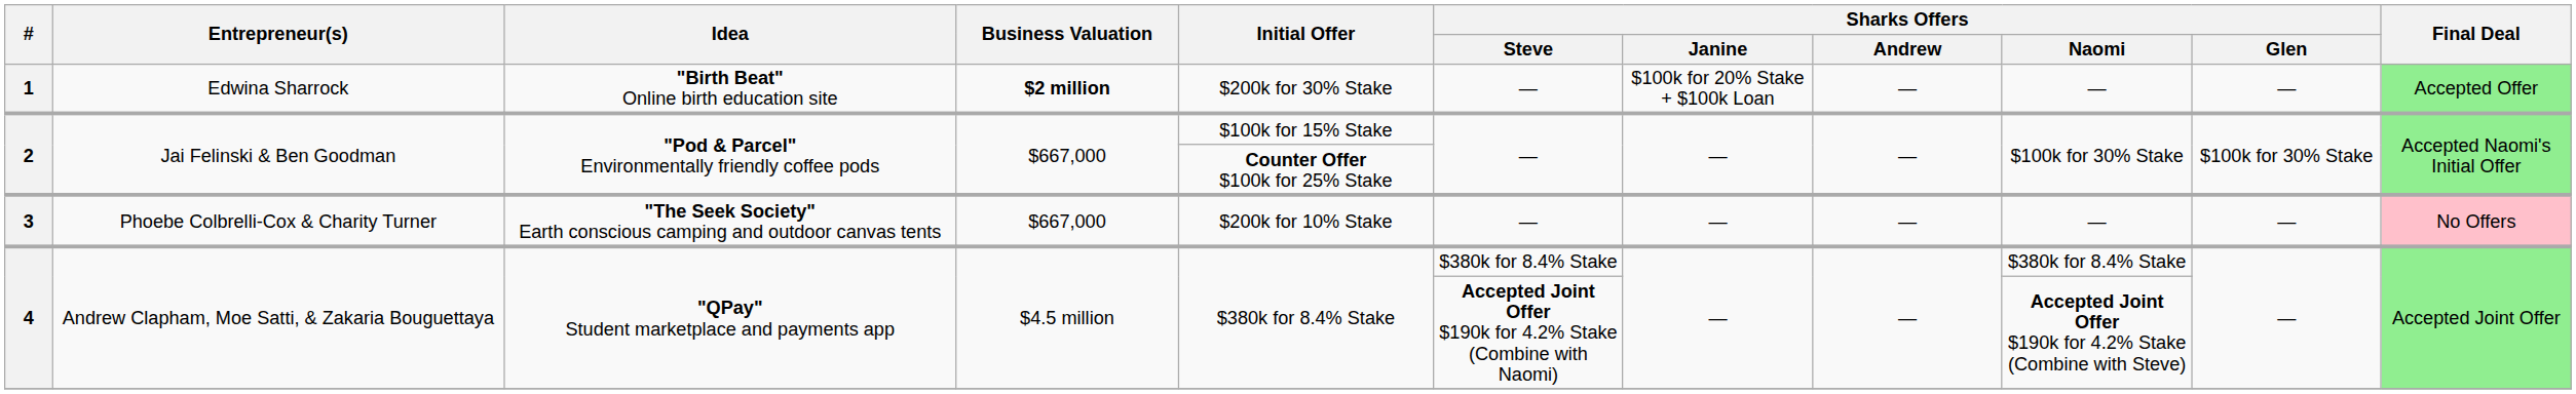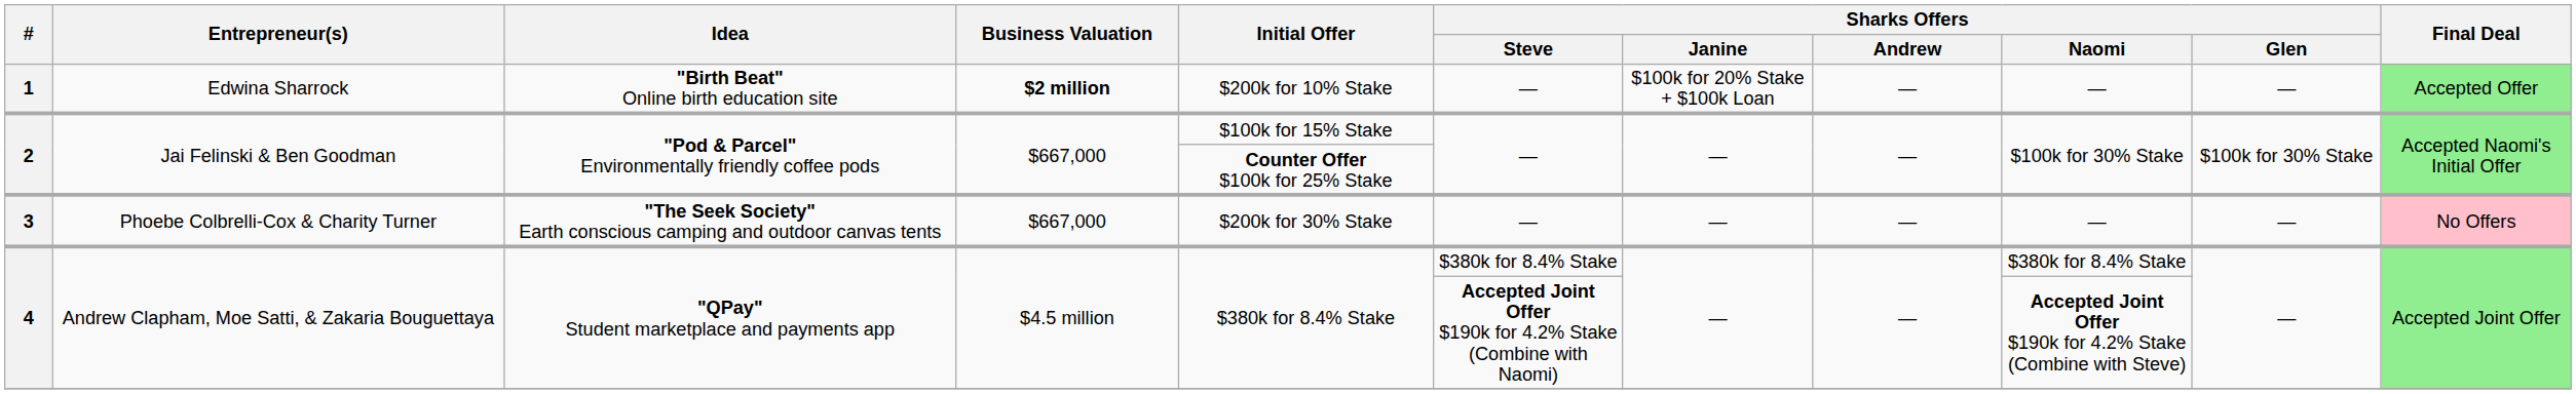 <table class="wikitable plainrowheaders" style="font-size:90%; text-align:center; width: 100%; margin-left: auto; margin-right: auto;">
 <tr>
 <th scope="col" bgcolor="lightgrey" rowspan="2" width="15" align="center">#</th>
 <th scope="col" bgcolor="lightgrey" rowspan="2" width="200" align="center">Entrepreneur(s)</th>
 <th scope="col" bgcolor="lightgrey" rowspan="2" width="200" align="center">Idea</th>
 <th scope="col" bgcolor="lightgrey" rowspan="2" width="95" align="center">Business Valuation</th>
 <th scope="col" bgcolor="lightgrey" rowspan="2" width="110" align="center">Initial Offer</th>
 <th scope="col" bgcolor="lightgrey" colspan="5">Sharks Offers</th>
 <th scope="col" bgcolor="lightgrey" rowspan="2" width="80" align="center">Final Deal</th>
 </tr>
 <tr>
 <th width="80" align="center"><strong>Steve</strong></th>
 <th width="80" align="center"><strong>Janine</strong></th>
 <th width="80" align="center"><strong>Andrew</strong></th>
 <th width="80" align="center"><strong>Naomi</strong></th>
 <th width="80" align="center"><strong>Glen</strong></th>
 </tr>
 <tr>
 <th>1</th>
 <td>Edwina Sharrock</td>
 <td><strong>"Birth Beat"</strong><br> Online birth education site</td>
 <td><strong>$2 million</strong></td>
-<td>$200k for 30% Stake</td>
+<td>$200k for 10% Stake</td>
 <td>—</td>
 <td>$100k for 20% Stake + $100k Loan</td>
 <td>—</td>
 <td>—</td>
 <td>—</td>
 <td bgcolor="lightgreen">Accepted Offer</td>
 </tr>
 <tr>
 </tr>
 <tr style="border-top:3px solid #aaa;">
 <th rowspan="2">2</th>
 <td rowspan="2">Jai Felinski & Ben Goodman</td>
 <td rowspan="2"><strong>"Pod & Parcel"</strong><br> Environmentally friendly coffee pods</td>
 <td rowspan="2">$667,000</td>
 <td>$100k for 15% Stake</td>
 <td rowspan="2">—</td>
 <td rowspan="2">—</td>
 <td rowspan="2">—</td>
 <td rowspan="2">$100k for 30% Stake</td>
 <td rowspan="2">$100k for 30% Stake</td>
 <td rowspan="2" bgcolor="lightgreen">Accepted Naomi's Initial Offer</td>
 </tr>
 <tr>
 <td><strong>Counter Offer</strong><br>$100k for 25% Stake</td>
 </tr>
 <tr>
 </tr>
 <tr style="border-top:3px solid #aaa;">
 <th>3</th>
 <td>Phoebe Colbrelli-Cox & Charity Turner</td>
 <td><strong>"The Seek Society"</strong><br> Earth conscious camping and outdoor canvas tents</td>
 <td>$667,000</td>
-<td>$200k for 10% Stake</td>
+<td>$200k for 30% Stake</td>
 <td>—</td>
 <td>—</td>
 <td>—</td>
 <td>—</td>
 <td>—</td>
 <td bgcolor="pink">No Offers</td>
 </tr>
 <tr>
 </tr>
 <tr style="border-top:3px solid #aaa;">
 <th rowspan="2">4</th>
 <td rowspan="2">Andrew Clapham, Moe Satti, & Zakaria Bouguettaya</td>
 <td rowspan="2"><strong>"QPay"</strong><br> Student marketplace and payments app</td>
 <td rowspan="2">$4.5 million</td>
 <td rowspan="2">$380k for 8.4% Stake</td>
 <td>$380k for 8.4% Stake</td>
 <td rowspan="2">—</td>
 <td rowspan="2">—</td>
 <td>$380k for 8.4% Stake</td>
 <td rowspan="2">—</td>
 <td rowspan="2" bgcolor="lightgreen">Accepted Joint Offer</td>
 </tr>
 <tr>
 <td><strong>Accepted Joint Offer</strong><br>$190k for 4.2% Stake (Combine with Naomi)</td>
 <td><strong>Accepted Joint Offer</strong><br>$190k for 4.2% Stake (Combine with Steve)</td>
 </tr>
 <tr>
 </tr>
 </table>
